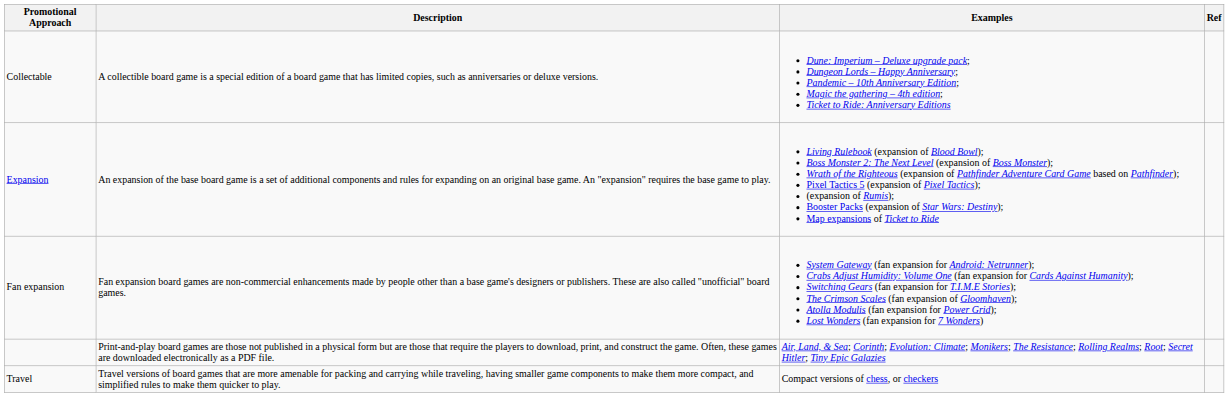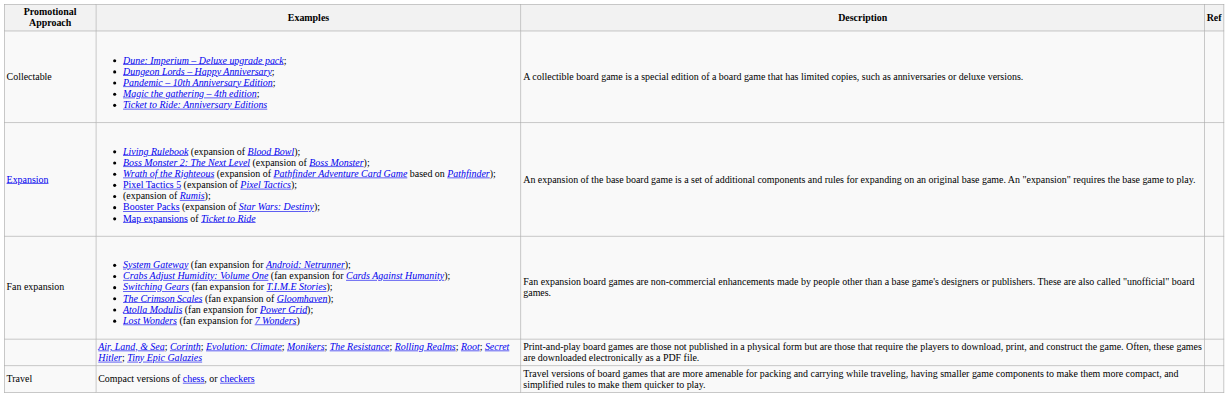 <table class="wikitable sortable static-row-numbers">
 <tr>
 <th>Promotional Approach</th>
+<th>Examples</th>
 <th>Description</th>
-<th>Examples</th>
 <th>Ref</th>
 </tr>
 <tr>
 <td>Collectable</td>
+<td><ul><br><li><em><a href='#'>Dune: Imperium – Deluxe upgrade pack</a></em>; <li><em><a href='#'>Dungeon Lords – Happy Anniversary</a></em>; <li><em><a href='#'>Pandemic – 10th Anniversary Edition</a></em>;</li> <li> <em><a href='#'>Magic the gathering – 4th edition</a></em>; <li><em><a href='#'>Ticket to Ride: Anniversary Editions</a></em></li> </ul></td>
 <td>A collectible board game is a special edition of a board game that has limited copies, such as anniversaries or deluxe versions.</td>
-<td><ul><br><li><em><a href='#'>Dune: Imperium – Deluxe upgrade pack</a></em>; <li><em><a href='#'>Dungeon Lords – Happy Anniversary</a></em>; <li><em><a href='#'>Pandemic – 10th Anniversary Edition</a></em>;</li> <li> <em><a href='#'>Magic the gathering – 4th edition</a></em>; <li><em><a href='#'>Ticket to Ride: Anniversary Editions</a></em></li> </ul></td>
 <td></td>
 </tr>
 <tr>
 <td><a href='#'>Expansion</a></td>
+<td><ul><br><li><em><a href='#'>Living Rulebook</a></em> (expansion of <em><a href='#'>Blood Bowl</a></em>); <li><em><a href='#'>Boss Monster 2: The Next Level</a></em> (expansion of <em><a href='#'>Boss Monster</a></em>); <li><em><a href='#'>Wrath of the Righteous</a></em> (expansion of <em><a href='#'>Pathfinder Adventure Card Game</a></em> based on <em><a href='#'>Pathfinder</a></em>);</li> <li><a href='#'>Pixel Tactics 5</a> (expansion of <em><a href='#'>Pixel Tactics</a></em>); <li> (expansion of <em><a href='#'>Rumis</a></em>); <li><a href='#'>Booster Packs</a> (expansion of <em><a href='#'>Star Wars: Destiny</a></em>); <li><a href='#'>Map expansions</a> of <em><a href='#'>Ticket to Ride</a></em></li>  </ul></td>
 <td>An expansion of the base board game is a set of additional components and rules for expanding on an original base game. An "expansion" requires the base game to play.</td>
-<td><ul><br><li><em><a href='#'>Living Rulebook</a></em> (expansion of <em><a href='#'>Blood Bowl</a></em>); <li><em><a href='#'>Boss Monster 2: The Next Level</a></em> (expansion of <em><a href='#'>Boss Monster</a></em>); <li><em><a href='#'>Wrath of the Righteous</a></em> (expansion of <em><a href='#'>Pathfinder Adventure Card Game</a></em> based on <em><a href='#'>Pathfinder</a></em>);</li> <li><a href='#'>Pixel Tactics 5</a> (expansion of <em><a href='#'>Pixel Tactics</a></em>); <li> (expansion of <em><a href='#'>Rumis</a></em>); <li><a href='#'>Booster Packs</a> (expansion of <em><a href='#'>Star Wars: Destiny</a></em>); <li><a href='#'>Map expansions</a> of <em><a href='#'>Ticket to Ride</a></em></li>  </ul></td>
 <td></td>
 </tr>
 <tr>
 <td>Fan expansion</td>
+<td><ul><br><li><em><a href='#'>System Gateway</a></em> (fan expansion for <em><a href='#'>Android: Netrunner</a></em>); <li><em><a href='#'>Crabs Adjust Humidity: Volume One</a></em> (fan expansion for <em><a href='#'>Cards Against Humanity</a></em>); <li><em><a href='#'>Switching Gears</a></em> (fan expansion for <em><a href='#'>T.I.M.E Stories</a></em>); <li><em><a href='#'>The Crimson Scales</a></em> (fan expansion of <em><a href='#'>Gloomhaven</a></em>); <li><em><a href='#'>Atolla Modulis</a></em> (fan expansion for <em><a href='#'>Power Grid</a></em>); <li><em><a href='#'>Lost Wonders</a></em> (fan expansion for <em><a href='#'>7 Wonders</a></em>) </ul></td>
 <td>Fan expansion board games are non-commercial enhancements made by people other than a base game's designers or publishers. These are also called "unofficial" board games.</td>
-<td><ul><br><li><em><a href='#'>System Gateway</a></em> (fan expansion for <em><a href='#'>Android: Netrunner</a></em>); <li><em><a href='#'>Crabs Adjust Humidity: Volume One</a></em> (fan expansion for <em><a href='#'>Cards Against Humanity</a></em>); <li><em><a href='#'>Switching Gears</a></em> (fan expansion for <em><a href='#'>T.I.M.E Stories</a></em>); <li><em><a href='#'>The Crimson Scales</a></em> (fan expansion of <em><a href='#'>Gloomhaven</a></em>); <li><em><a href='#'>Atolla Modulis</a></em> (fan expansion for <em><a href='#'>Power Grid</a></em>); <li><em><a href='#'>Lost Wonders</a></em> (fan expansion for <em><a href='#'>7 Wonders</a></em>) </ul></td>
 <td></td>
 </tr>
 <tr>
 <td></td>
+<td><em><a href='#'>Air, Land, & Sea</a></em>; <em><a href='#'>Corinth</a></em>; <em><a href='#'>Evolution: Climate</a></em>; <em><a href='#'>Monikers</a></em>; <em><a href='#'>The Resistance</a></em>; <em><a href='#'>Rolling Realms</a></em>; <em><a href='#'>Root</a></em>; <em><a href='#'>Secret Hitler</a></em>; <em><a href='#'>Tiny Epic Galazies</a></em></td>
 <td>Print-and-play board games are those not published in a physical form but are those that require the players to download, print, and construct the game. Often, these games are downloaded electronically as a PDF file.</td>
-<td><em><a href='#'>Air, Land, & Sea</a></em>; <em><a href='#'>Corinth</a></em>; <em><a href='#'>Evolution: Climate</a></em>; <em><a href='#'>Monikers</a></em>; <em><a href='#'>The Resistance</a></em>; <em><a href='#'>Rolling Realms</a></em>; <em><a href='#'>Root</a></em>; <em><a href='#'>Secret Hitler</a></em>; <em><a href='#'>Tiny Epic Galazies</a></em></td>
 <td></td>
 </tr>
 <tr>
 <td>Travel</td>
+<td>Compact versions of <a href='#'>chess</a>, or <a href='#'>checkers</a></td>
 <td>Travel versions of board games that are more amenable for packing and carrying while traveling, having smaller game components to make them more compact, and simplified rules to make them quicker to play.</td>
-<td>Compact versions of <a href='#'>chess</a>, or <a href='#'>checkers</a></td>
 <td></td>
 </tr>
 </table>
